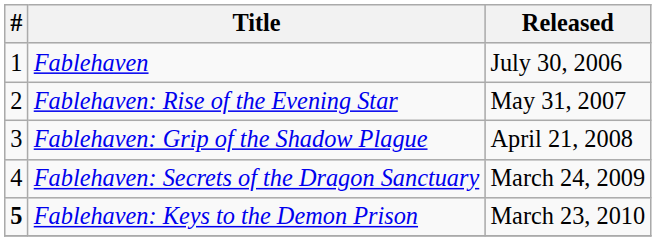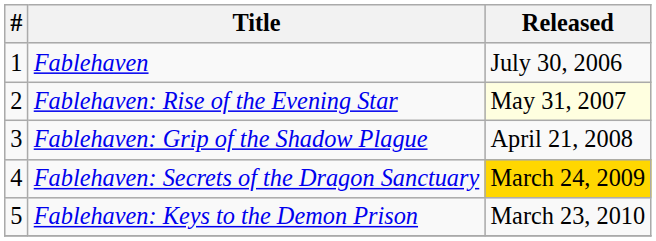 <table class="wikitable sortable">
 <tr>
 <th>#</th>
 <th>Title</th>
 <th>Released</th>
 </tr>
 <tr>
 <td>1</td>
 <td><em><a href='#'>Fablehaven</a></em></td>
 <td>July 30, 2006</td>
 </tr>
 <tr>
 <td>2</td>
 <td><em><a href='#'>Fablehaven: Rise of the Evening Star</a></em></td>
-<td>May 31, 2007</td>
+<td style="background: lightyellow;">May 31, 2007</td>
 </tr>
 <tr>
 <td>3</td>
 <td><em><a href='#'>Fablehaven: Grip of the Shadow Plague</a></em></td>
 <td>April 21, 2008</td>
 </tr>
 <tr>
 <td>4</td>
 <td><em><a href='#'>Fablehaven: Secrets of the Dragon Sanctuary</a></em></td>
-<td>March 24, 2009</td>
+<td style="background: gold;">March 24, 2009</td>
 </tr>
 <tr>
-<td><strong>5</strong></td>
+<td>5</td>
 <td><em><a href='#'>Fablehaven: Keys to the Demon Prison</a></em></td>
 <td>March 23, 2010</td>
 </tr>
 <tr>
 </tr>
 </table>
